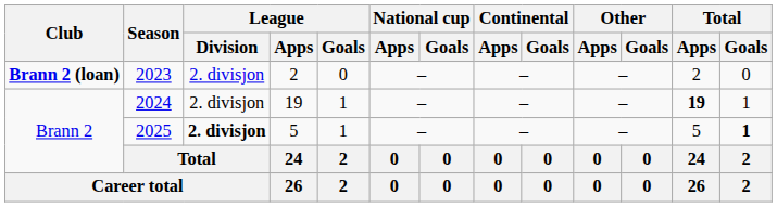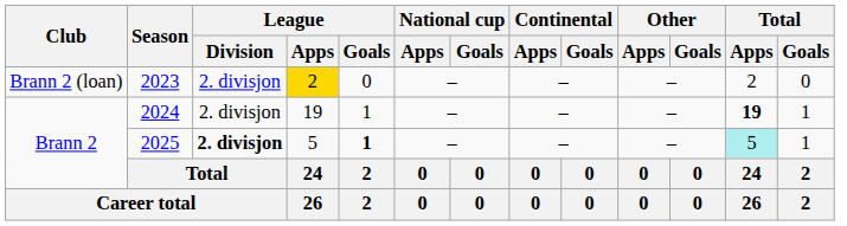 <table class="wikitable" style="text-align:center">
 <tr>
 <th rowspan="2">Club</th>
 <th rowspan="2">Season</th>
 <th colspan="3">League</th>
 <th colspan="2">National cup</th>
 <th colspan="2">Continental</th>
 <th colspan="2">Other</th>
 <th colspan="2">Total</th>
 </tr>
 <tr>
 <th>Division</th>
 <th>Apps</th>
 <th>Goals</th>
 <th>Apps</th>
 <th>Goals</th>
 <th>Apps</th>
 <th>Goals</th>
 <th>Apps</th>
 <th>Goals</th>
 <th>Apps</th>
 <th>Goals</th>
 </tr>
 <tr>
-<td><strong><a href='#'>Brann 2</a> (loan)</strong></td>
+<td><a href='#'>Brann 2</a> (loan)</td>
 <td><a href='#'>2023</a></td>
 <td><a href='#'>2. divisjon</a></td>
-<td>2</td>
+<td style="background: gold;">2</td>
 <td>0</td>
 <td colspan="2">–</td>
 <td colspan="2">–</td>
 <td colspan="2">–</td>
 <td>2</td>
 <td>0</td>
 </tr>
 <tr>
 <td rowspan=3><a href='#'>Brann 2</a></td>
 <td><a href='#'>2024</a></td>
 <td>2. divisjon</td>
 <td>19</td>
 <td>1</td>
 <td colspan="2">–</td>
 <td colspan="2">–</td>
 <td colspan="2">–</td>
 <td><strong>19</strong></td>
 <td>1</td>
 </tr>
 <tr>
 <td><a href='#'>2025</a></td>
 <td><strong>2. divisjon</strong></td>
 <td>5</td>
-<td>1</td>
+<td><strong>1</strong></td>
 <td colspan="2">–</td>
 <td colspan="2">–</td>
 <td colspan="2">–</td>
-<td>5</td>
-<td><strong>1</strong></td>
+<td style="background: paleturquoise;">5</td>
+<td>1</td>
 </tr>
 <tr>
 <th colspan=2>Total</th>
 <th>24</th>
 <th>2</th>
 <th>0</th>
 <th>0</th>
 <th>0</th>
 <th>0</th>
 <th>0</th>
 <th>0</th>
 <th>24</th>
 <th>2</th>
 </tr>
 <tr>
 <th colspan="3">Career total</th>
 <th>26</th>
 <th>2</th>
 <th>0</th>
 <th>0</th>
 <th>0</th>
 <th>0</th>
 <th>0</th>
 <th>0</th>
 <th>26</th>
 <th>2</th>
 </tr>
 </table>
